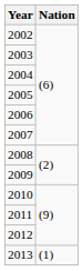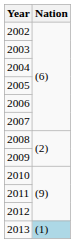 <table class="wikitable sortable">
 <tr>
 <th>Year</th>
 <th>Nation</th>
 </tr>
 <tr>
 <td>2002</td>
 <td rowspan="6"> (6)</td>
 </tr>
 <tr>
 <td>2003</td>
 </tr>
 <tr>
 <td>2004</td>
 </tr>
 <tr>
 <td>2005</td>
 </tr>
 <tr>
 <td>2006</td>
 </tr>
 <tr>
 <td>2007</td>
 </tr>
 <tr>
 <td>2008</td>
 <td rowspan="2"> (2)</td>
 </tr>
 <tr>
 <td>2009</td>
 </tr>
 <tr>
 <td>2010</td>
 <td rowspan="3"> (9)</td>
 </tr>
 <tr>
 <td>2011</td>
 </tr>
 <tr>
 <td>2012</td>
 </tr>
 <tr>
 <td>2013</td>
-<td> (1)</td>
+<td style="background: lightblue;"> (1)</td>
 </tr>
 </table>
